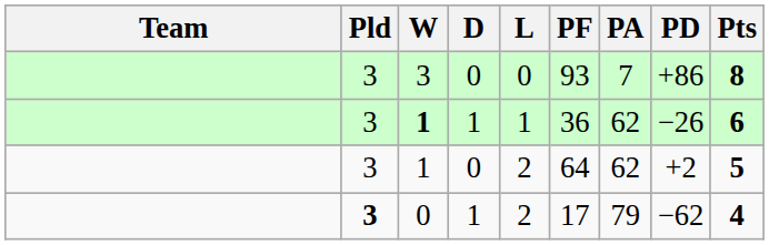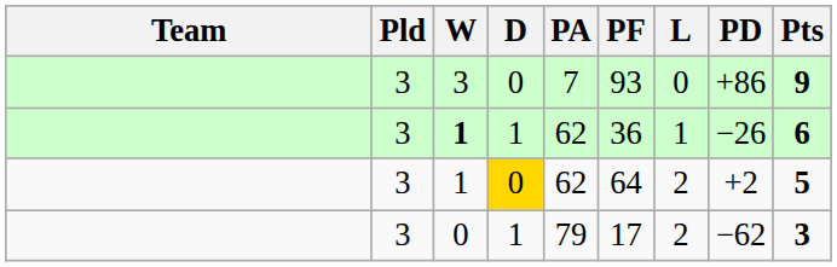 <table class="wikitable" style="text-align:center;">
 <tr>
 <th width=175>Team</th>
 <th width=20 abbr="Played">Pld</th>
 <th width=20 abbr="Won">W</th>
 <th width=20 abbr="Drawn">D</th>
+<th width=20 abbr="Points against">PA</th>
+<th width=20 abbr="Points for">PF</th>
 <th width=20 abbr="Lost">L</th>
-<th width=20 abbr="Points for">PF</th>
-<th width=20 abbr="Points against">PA</th>
 <th width=25 abbr="Points difference">PD</th>
 <th width=20 abbr="Points">Pts</th>
 </tr>
 <tr bgcolor=ccffcc>
 <td align=left></td>
 <td>3</td>
 <td>3</td>
 <td>0</td>
+<td>7</td>
+<td>93</td>
 <td>0</td>
-<td>93</td>
-<td>7</td>
 <td>+86</td>
-<td><strong>8</strong></td>
+<td><strong>9</strong></td>
 </tr>
 <tr bgcolor=ccffcc>
 <td align=left></td>
 <td>3</td>
 <td><strong>1</strong></td>
 <td>1</td>
+<td>62</td>
+<td>36</td>
 <td>1</td>
-<td>36</td>
-<td>62</td>
 <td>−26</td>
 <td><strong>6</strong></td>
 </tr>
 <tr>
 <td align=left></td>
 <td>3</td>
 <td>1</td>
-<td>0</td>
+<td style="background: gold;">0</td>
+<td>62</td>
+<td>64</td>
 <td>2</td>
-<td>64</td>
-<td>62</td>
 <td>+2</td>
 <td><strong>5</strong></td>
 </tr>
 <tr>
 <td align=left></td>
-<td><strong>3</strong></td>
+<td>3</td>
 <td>0</td>
 <td>1</td>
+<td>79</td>
+<td>17</td>
 <td>2</td>
-<td>17</td>
-<td>79</td>
 <td>−62</td>
-<td><strong>4</strong></td>
+<td><strong>3</strong></td>
 </tr>
 </table>
